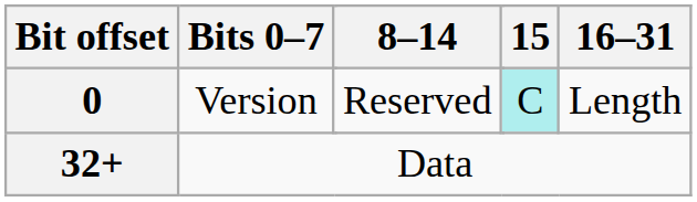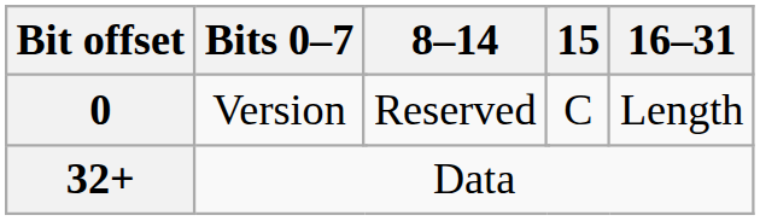 <table class="wikitable" style="text-align :center">
 <tr>
 <th>Bit offset</th>
 <th colspan="8">Bits 0–7</th>
 <th colspan="7">8–14</th>
 <th>15</th>
 <th colspan="16">16–31</th>
 </tr>
 <tr>
 <th>0</th>
 <td colspan="8">Version</td>
 <td colspan="7">Reserved</td>
-<td colspan="1" style="background: paleturquoise;">C</td>
+<td colspan="1">C</td>
 <td colspan="16">Length</td>
 </tr>
 <tr>
 <th>32+</th>
 <td colspan="32">Data</td>
 </tr>
 </table>
